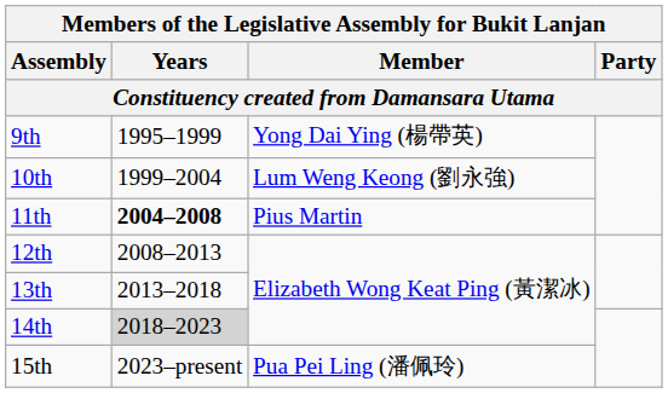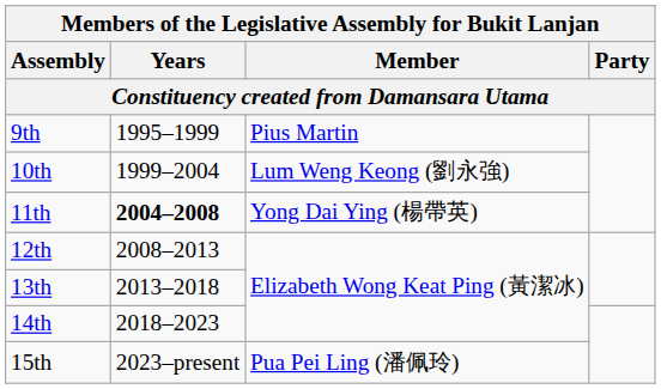 <table class=wikitable>
 <tr>
 <th colspan=4>Members of the Legislative Assembly for Bukit Lanjan</th>
 </tr>
 <tr>
 <th>Assembly</th>
 <th>Years</th>
 <th>Member</th>
 <th>Party</th>
 </tr>
 <tr>
 <th colspan=4 align=center><em>Constituency created from Damansara Utama</em></th>
 </tr>
 <tr>
 <td><a href='#'>9th</a></td>
 <td>1995–1999</td>
-<td><a href='#'>Yong Dai Ying</a> (楊帶英)</td>
+<td><a href='#'>Pius Martin</a></td>
 <td rowspan=3></td>
 </tr>
 <tr>
 <td><a href='#'>10th</a></td>
 <td>1999–2004</td>
 <td><a href='#'>Lum Weng Keong</a> (劉永強)</td>
 </tr>
 <tr>
 <td><a href='#'>11th</a></td>
 <td><strong>2004–2008</strong></td>
-<td><a href='#'>Pius Martin</a></td>
+<td><a href='#'>Yong Dai Ying</a> (楊帶英)</td>
 </tr>
 <tr>
 <td><a href='#'>12th</a></td>
 <td>2008–2013</td>
 <td rowspan="3"><a href='#'>Elizabeth Wong Keat Ping</a> (黃潔冰)</td>
 <td rowspan="2"></td>
 </tr>
 <tr>
 <td><a href='#'>13th</a></td>
 <td>2013–2018</td>
 </tr>
 <tr>
 <td><a href='#'>14th</a></td>
-<td style="background: lightgrey;">2018–2023</td>
+<td>2018–2023</td>
 <td rowspan="2"></td>
 </tr>
 <tr>
 <td>15th</td>
 <td>2023–present</td>
 <td><a href='#'>Pua Pei Ling</a> (潘佩玲)</td>
 </tr>
 </table>
